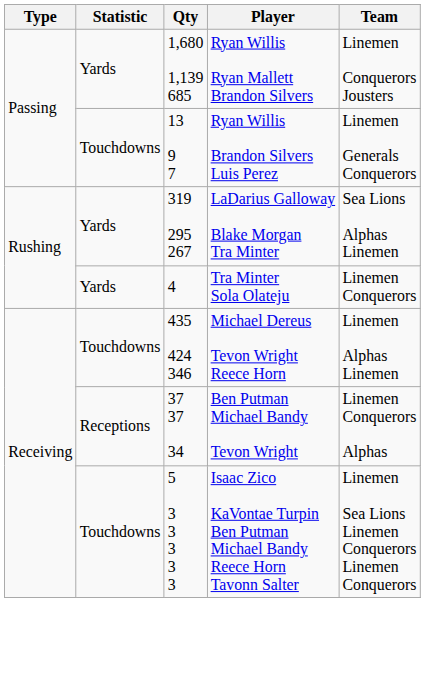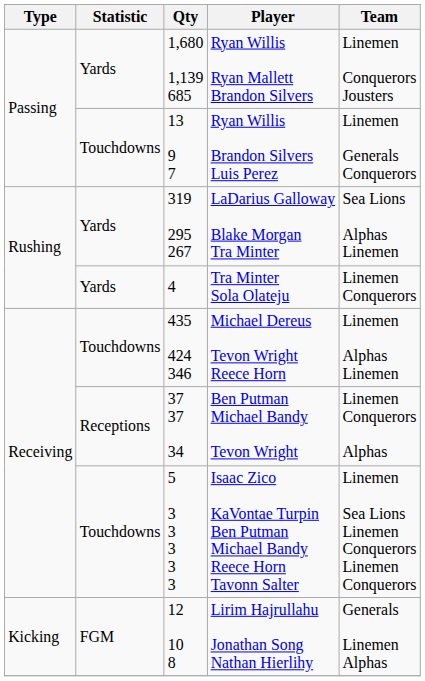 <table class="wikitable">
 <tr>
 <th>Type</th>
 <th>Statistic</th>
 <th>Qty</th>
 <th>Player</th>
 <th>Team</th>
 </tr>
 <tr>
 <td rowspan="2">Passing</td>
 <td>Yards</td>
 <td>1,680<br><br>1,139<br> 685</td>
 <td><a href='#'>Ryan Willis</a><br><br><a href='#'>Ryan Mallett</a><br> <a href='#'>Brandon Silvers</a></td>
 <td>Linemen<br><br>Conquerors<br> Jousters</td>
 </tr>
 <tr>
 <td>Touchdowns</td>
 <td>13<br><br>9<br> 7</td>
 <td><a href='#'>Ryan Willis</a><br><br><a href='#'>Brandon Silvers</a><br> <a href='#'>Luis Perez</a></td>
 <td>Linemen<br><br>Generals<br> Conquerors</td>
 </tr>
 <tr>
 <td rowspan="2">Rushing</td>
 <td>Yards</td>
 <td>319<br><br>295<br> 267</td>
 <td><a href='#'>LaDarius Galloway</a><br><br><a href='#'>Blake Morgan</a><br> <a href='#'>Tra Minter</a></td>
 <td>Sea Lions<br><br>Alphas<br> Linemen</td>
 </tr>
 <tr>
 <td>Yards</td>
 <td>4</td>
 <td><a href='#'>Tra Minter</a><br><a href='#'>Sola Olateju</a></td>
 <td>Linemen<br>Conquerors</td>
 </tr>
 <tr>
 <td rowspan="3">Receiving</td>
 <td>Touchdowns</td>
 <td>435<br><br>424<br> 346</td>
 <td><a href='#'>Michael Dereus</a><br><br><a href='#'>Tevon Wright</a><br> <a href='#'>Reece Horn</a></td>
 <td>Linemen<br><br>Alphas<br> Linemen</td>
 </tr>
 <tr>
 <td>Receptions</td>
 <td>37<br>37<br><br>34</td>
 <td><a href='#'>Ben Putman</a><br><a href='#'>Michael Bandy</a><br><br><a href='#'>Tevon Wright</a></td>
 <td>Linemen<br>Conquerors<br><br>Alphas</td>
 </tr>
 <tr>
 <td>Touchdowns</td>
 <td>5<br><br>3<br> 3<br> 3<br> 3<br> 3</td>
 <td><a href='#'>Isaac Zico</a><br><br><a href='#'>KaVontae Turpin</a><br> <a href='#'>Ben Putman</a><br> <a href='#'>Michael Bandy</a><br> <a href='#'>Reece Horn</a><br> <a href='#'>Tavonn Salter</a></td>
 <td>Linemen<br><br>Sea Lions <br> Linemen<br> Conquerors<br> Linemen<br> Conquerors</td>
 </tr>
 <tr>
+<td>Kicking</td>
+<td>FGM</td>
+<td>12<br><br>10<br> 8</td>
+<td><a href='#'>Lirim Hajrullahu</a><br><br><a href='#'>Jonathan Song</a><br> <a href='#'>Nathan Hierlihy</a></td>
+<td>Generals<br><br>Linemen<br> Alphas</td>
+</tr>
+<tr>
 </tr>
 </table>
